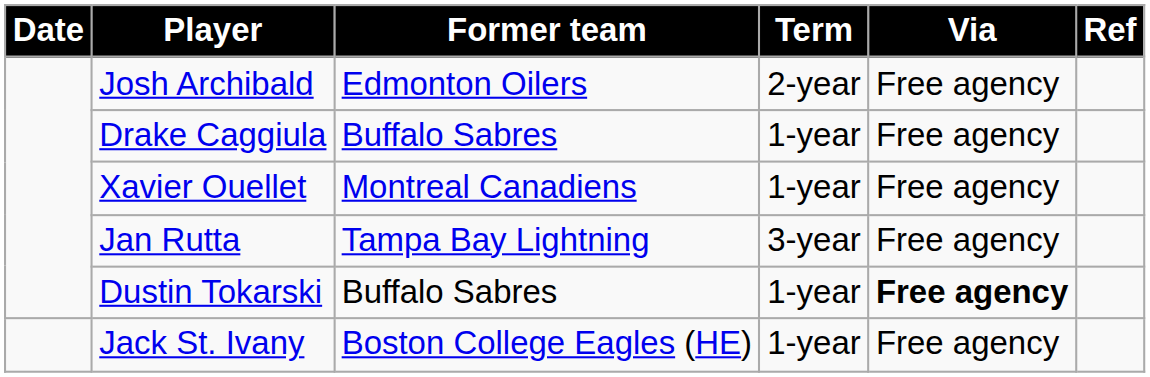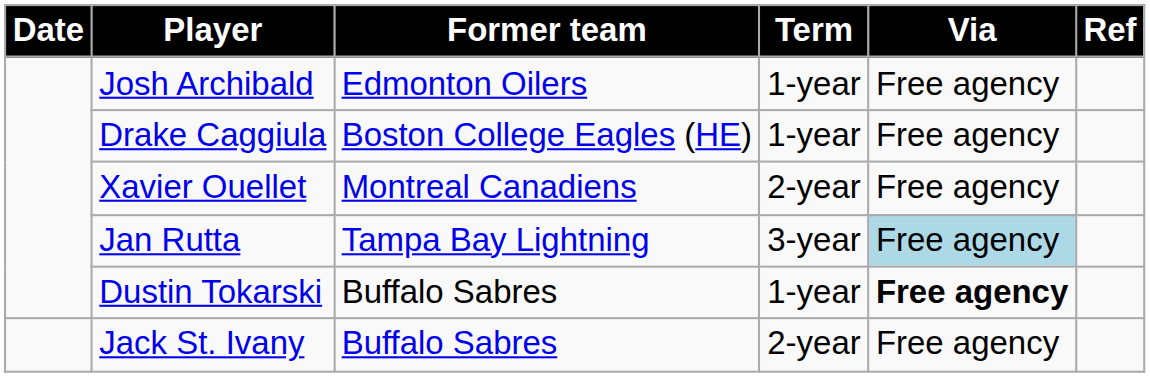 <table class="wikitable">
 <tr style="background:#ddd; text-align:center;">
 <th style="color:white; background:#000000; ">Date</th>
 <th style="color:white; background:#000000; ">Player</th>
 <th style="color:white; background:#000000; ">Former team</th>
 <th style="color:white; background:#000000; ">Term</th>
 <th style="color:white; background:#000000; ">Via</th>
 <th style="color:white; background:#000000; ">Ref</th>
 </tr>
 <tr>
 <td rowspan=5></td>
 <td><a href='#'>Josh Archibald</a></td>
 <td><a href='#'>Edmonton Oilers</a></td>
-<td>2-year</td>
+<td>1-year</td>
 <td>Free agency</td>
 <td></td>
 </tr>
 <tr>
 <td><a href='#'>Drake Caggiula</a></td>
-<td><a href='#'>Buffalo Sabres</a></td>
+<td><a href='#'>Boston College Eagles</a> (<a href='#'>HE</a>)</td>
 <td>1-year</td>
 <td>Free agency</td>
 <td></td>
 </tr>
 <tr>
 <td><a href='#'>Xavier Ouellet</a></td>
 <td><a href='#'>Montreal Canadiens</a></td>
-<td>1-year</td>
+<td>2-year</td>
 <td>Free agency</td>
 <td></td>
 </tr>
 <tr>
 <td><a href='#'>Jan Rutta</a></td>
 <td><a href='#'>Tampa Bay Lightning</a></td>
 <td>3-year</td>
-<td>Free agency</td>
+<td style="background: lightblue;">Free agency</td>
 <td></td>
 </tr>
 <tr>
 <td><a href='#'>Dustin Tokarski</a></td>
 <td>Buffalo Sabres</td>
 <td>1-year</td>
 <td><strong>Free agency</strong></td>
 <td></td>
 </tr>
 <tr>
 <td></td>
 <td><a href='#'>Jack St. Ivany</a></td>
-<td><a href='#'>Boston College Eagles</a> (<a href='#'>HE</a>)</td>
-<td>1-year</td>
+<td><a href='#'>Buffalo Sabres</a></td>
+<td>2-year</td>
 <td>Free agency</td>
 <td></td>
 </tr>
 </table>
